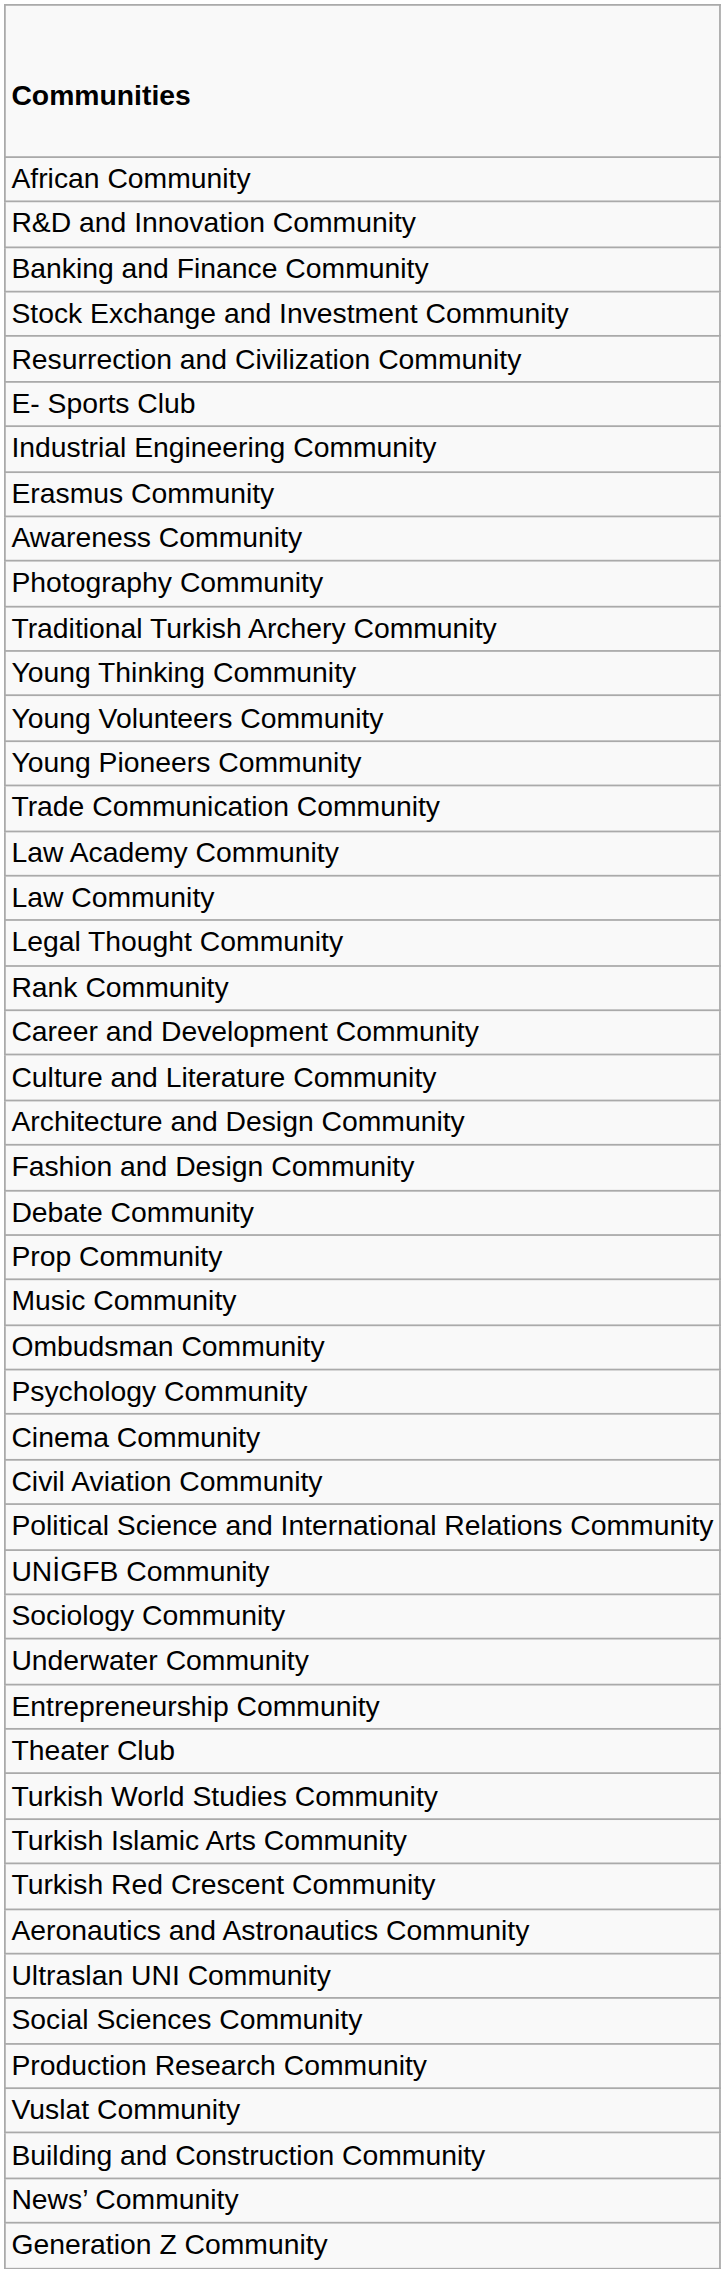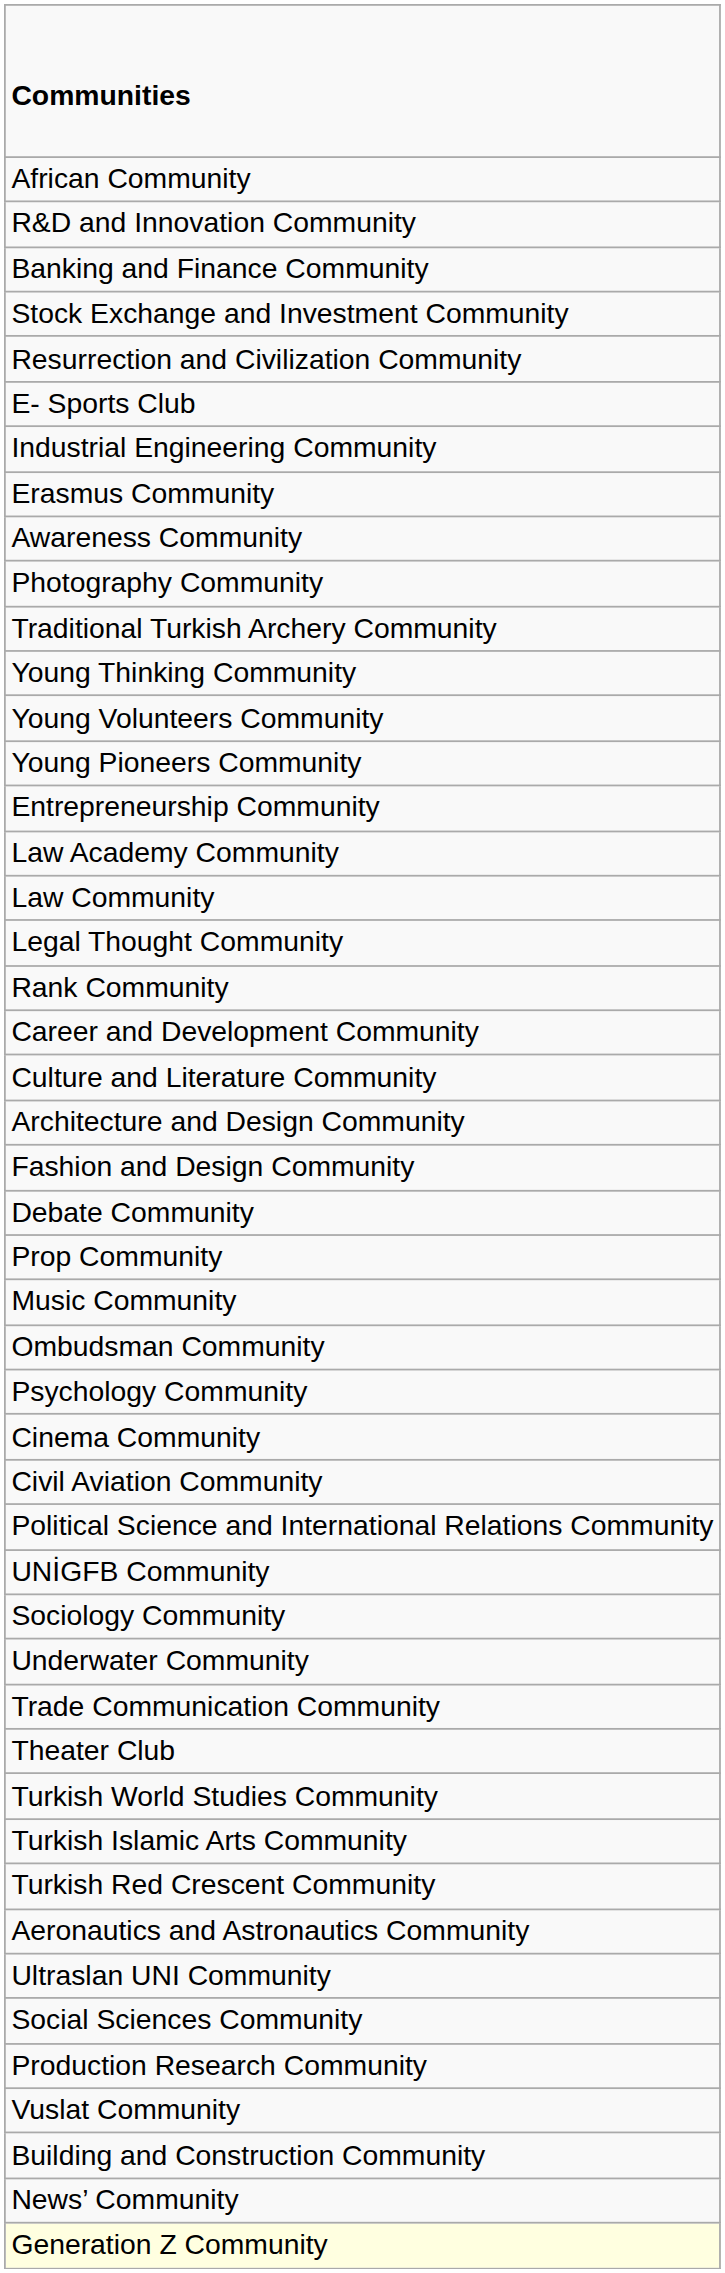 <table class="wikitable">
 <tr>
 <td><br><h4>Communities</h4></td>
 </tr>
 <tr>
 <td>African Community</td>
 </tr>
 <tr>
 <td>R&D and Innovation Community</td>
 </tr>
 <tr>
 <td>Banking and Finance Community</td>
 </tr>
 <tr>
 <td>Stock Exchange and Investment Community</td>
 </tr>
 <tr>
 <td>Resurrection and Civilization Community</td>
 </tr>
 <tr>
 <td>E- Sports Club</td>
 </tr>
 <tr>
 <td>Industrial Engineering Community</td>
 </tr>
 <tr>
 <td>Erasmus Community</td>
 </tr>
 <tr>
 <td>Awareness Community</td>
 </tr>
 <tr>
 <td>Photography Community</td>
 </tr>
 <tr>
 <td>Traditional Turkish Archery Community</td>
 </tr>
 <tr>
 <td>Young Thinking Community</td>
 </tr>
 <tr>
 <td>Young Volunteers Community</td>
 </tr>
 <tr>
 <td>Young Pioneers Community</td>
 </tr>
 <tr>
-<td>Trade Communication Community</td>
+<td>Entrepreneurship Community</td>
 </tr>
 <tr>
 <td>Law Academy Community</td>
 </tr>
 <tr>
 <td>Law Community</td>
 </tr>
 <tr>
 <td>Legal Thought Community</td>
 </tr>
 <tr>
 <td>Rank Community</td>
 </tr>
 <tr>
 <td>Career and Development Community</td>
 </tr>
 <tr>
 <td>Culture and Literature Community</td>
 </tr>
 <tr>
 <td>Architecture and Design Community</td>
 </tr>
 <tr>
 <td>Fashion and Design Community</td>
 </tr>
 <tr>
 <td>Debate Community</td>
 </tr>
 <tr>
 <td>Prop Community</td>
 </tr>
 <tr>
 <td>Music Community</td>
 </tr>
 <tr>
 <td>Ombudsman Community</td>
 </tr>
 <tr>
 <td>Psychology Community</td>
 </tr>
 <tr>
 <td>Cinema Community</td>
 </tr>
 <tr>
 <td>Civil Aviation Community</td>
 </tr>
 <tr>
 <td>Political Science and International Relations Community</td>
 </tr>
 <tr>
 <td>UNİGFB Community</td>
 </tr>
 <tr>
 <td>Sociology Community</td>
 </tr>
 <tr>
 <td>Underwater Community</td>
 </tr>
 <tr>
-<td>Entrepreneurship Community</td>
+<td>Trade Communication Community</td>
 </tr>
 <tr>
 <td>Theater Club</td>
 </tr>
 <tr>
 <td>Turkish World Studies Community</td>
 </tr>
 <tr>
 <td>Turkish Islamic Arts Community</td>
 </tr>
 <tr>
 <td>Turkish Red Crescent Community</td>
 </tr>
 <tr>
 <td>Aeronautics and Astronautics Community</td>
 </tr>
 <tr>
 <td>Ultraslan UNI Community</td>
 </tr>
 <tr>
 <td>Social Sciences Community</td>
 </tr>
 <tr>
 <td>Production Research Community</td>
 </tr>
 <tr>
 <td>Vuslat Community</td>
 </tr>
 <tr>
 <td>Building and Construction Community</td>
 </tr>
 <tr>
 <td>News’ Community</td>
 </tr>
 <tr>
-<td>Generation Z Community</td>
+<td style="background: lightyellow;">Generation Z Community</td>
 </tr>
 </table>
